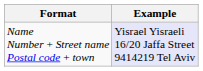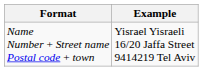 <table class="wikitable">
 <tr>
 <th>Format</th>
 <th>Example</th>
 </tr>
 <tr>
 <td><em>Name</em><br><em>Number</em> + <em>Street name</em><br><em><a href='#'>Postal code</a></em> + <em>town</em></td>
-<td style="background: lavender;">Yisrael Yisraeli<br>16/20 Jaffa Street<br>9414219 Tel Aviv</td>
+<td>Yisrael Yisraeli<br>16/20 Jaffa Street<br>9414219 Tel Aviv</td>
 </tr>
 </table>
